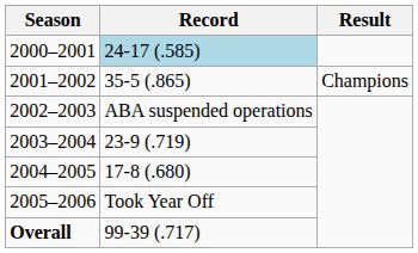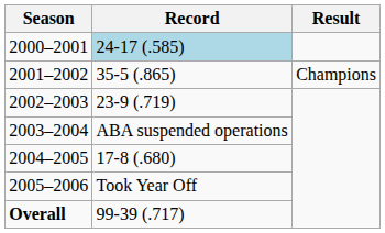 <table class="wikitable">
 <tr>
 <th>Season</th>
 <th>Record</th>
 <th>Result</th>
 </tr>
 <tr>
 <td>2000–2001</td>
 <td style="background: lightblue;">24-17 (.585)</td>
 <td></td>
 </tr>
 <tr>
 <td>2001–2002</td>
 <td>35-5 (.865)</td>
 <td>Champions</td>
 </tr>
 <tr>
 <td>2002–2003</td>
-<td>ABA suspended operations</td>
+<td>23-9 (.719)</td>
 </tr>
 <tr>
 <td>2003–2004</td>
-<td>23-9 (.719)</td>
+<td>ABA suspended operations</td>
 </tr>
 <tr>
 <td>2004–2005</td>
 <td>17-8 (.680)</td>
 </tr>
 <tr>
 <td>2005–2006</td>
 <td>Took Year Off</td>
 </tr>
 <tr>
 <td><strong>Overall</strong></td>
 <td>99-39 (.717)</td>
 </tr>
 </table>
